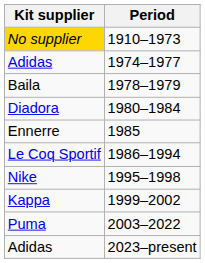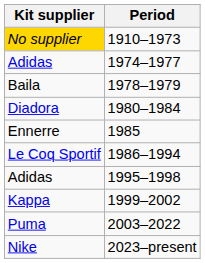 <table class="wikitable">
 <tr>
 <th>Kit supplier</th>
 <th>Period</th>
 </tr>
 <tr>
 <td style="background: gold;"><em>No supplier</em></td>
 <td>1910–1973</td>
 </tr>
 <tr>
 <td> <a href='#'>Adidas</a></td>
 <td>1974–1977</td>
 </tr>
 <tr>
 <td> Baila</td>
 <td>1978–1979</td>
 </tr>
 <tr>
 <td> <a href='#'>Diadora</a></td>
 <td>1980–1984</td>
 </tr>
 <tr>
 <td> Ennerre</td>
 <td>1985</td>
 </tr>
 <tr>
 <td> <a href='#'>Le Coq Sportif</a></td>
 <td>1986–1994</td>
 </tr>
 <tr>
-<td> <a href='#'>Nike</a></td>
+<td> Adidas</td>
 <td>1995–1998</td>
 </tr>
 <tr>
 <td> <a href='#'>Kappa</a></td>
 <td>1999–2002</td>
 </tr>
 <tr>
 <td> <a href='#'>Puma</a></td>
 <td>2003–2022</td>
 </tr>
 <tr>
-<td> Adidas</td>
+<td> <a href='#'>Nike</a></td>
 <td>2023–present</td>
 </tr>
 </table>
